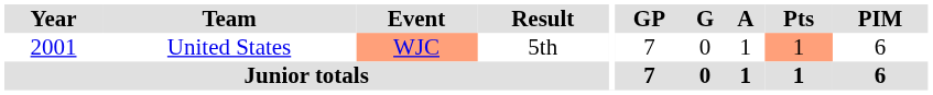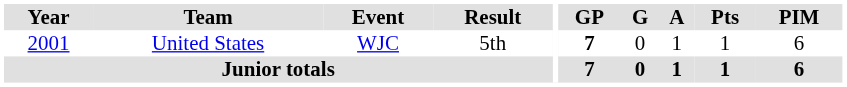 <table border="0" cellpadding="1" cellspacing="0" ID="Table3" style="text-align:center; width:40em">
 <tr ALIGN="center" bgcolor="#e0e0e0">
 <th>Year</th>
 <th>Team</th>
 <th>Event</th>
 <th>Result</th>
 <th rowspan="99" bgcolor="#ffffff"></th>
 <th>GP</th>
 <th>G</th>
 <th>A</th>
 <th>Pts</th>
 <th>PIM</th>
 </tr>
 <tr>
 <td><a href='#'>2001</a></td>
 <td><a href='#'>United States</a></td>
-<td style="background: lightsalmon;"><a href='#'>WJC</a></td>
+<td><a href='#'>WJC</a></td>
 <td>5th</td>
-<td>7</td>
+<td><strong>7</strong></td>
 <td>0</td>
 <td>1</td>
-<td style="background: lightsalmon;">1</td>
+<td>1</td>
 <td>6</td>
 </tr>
 <tr bgcolor="#e0e0e0">
 <th colspan="4">Junior totals</th>
 <th>7</th>
 <th>0</th>
 <th>1</th>
 <th>1</th>
 <th>6</th>
 </tr>
 </table>
